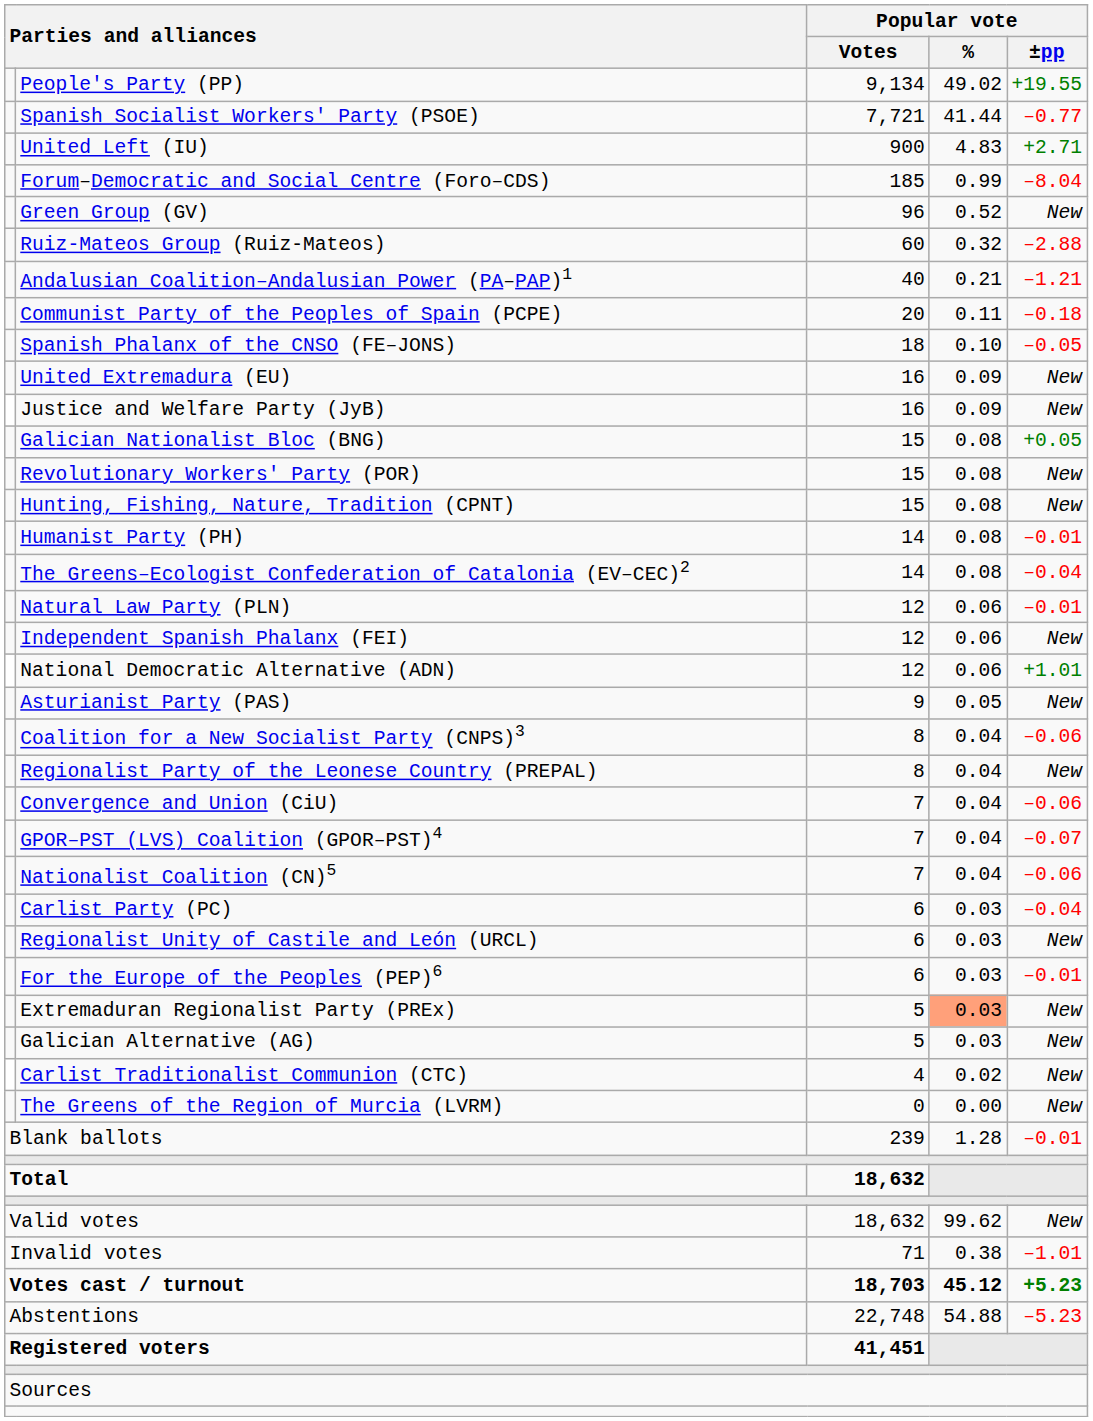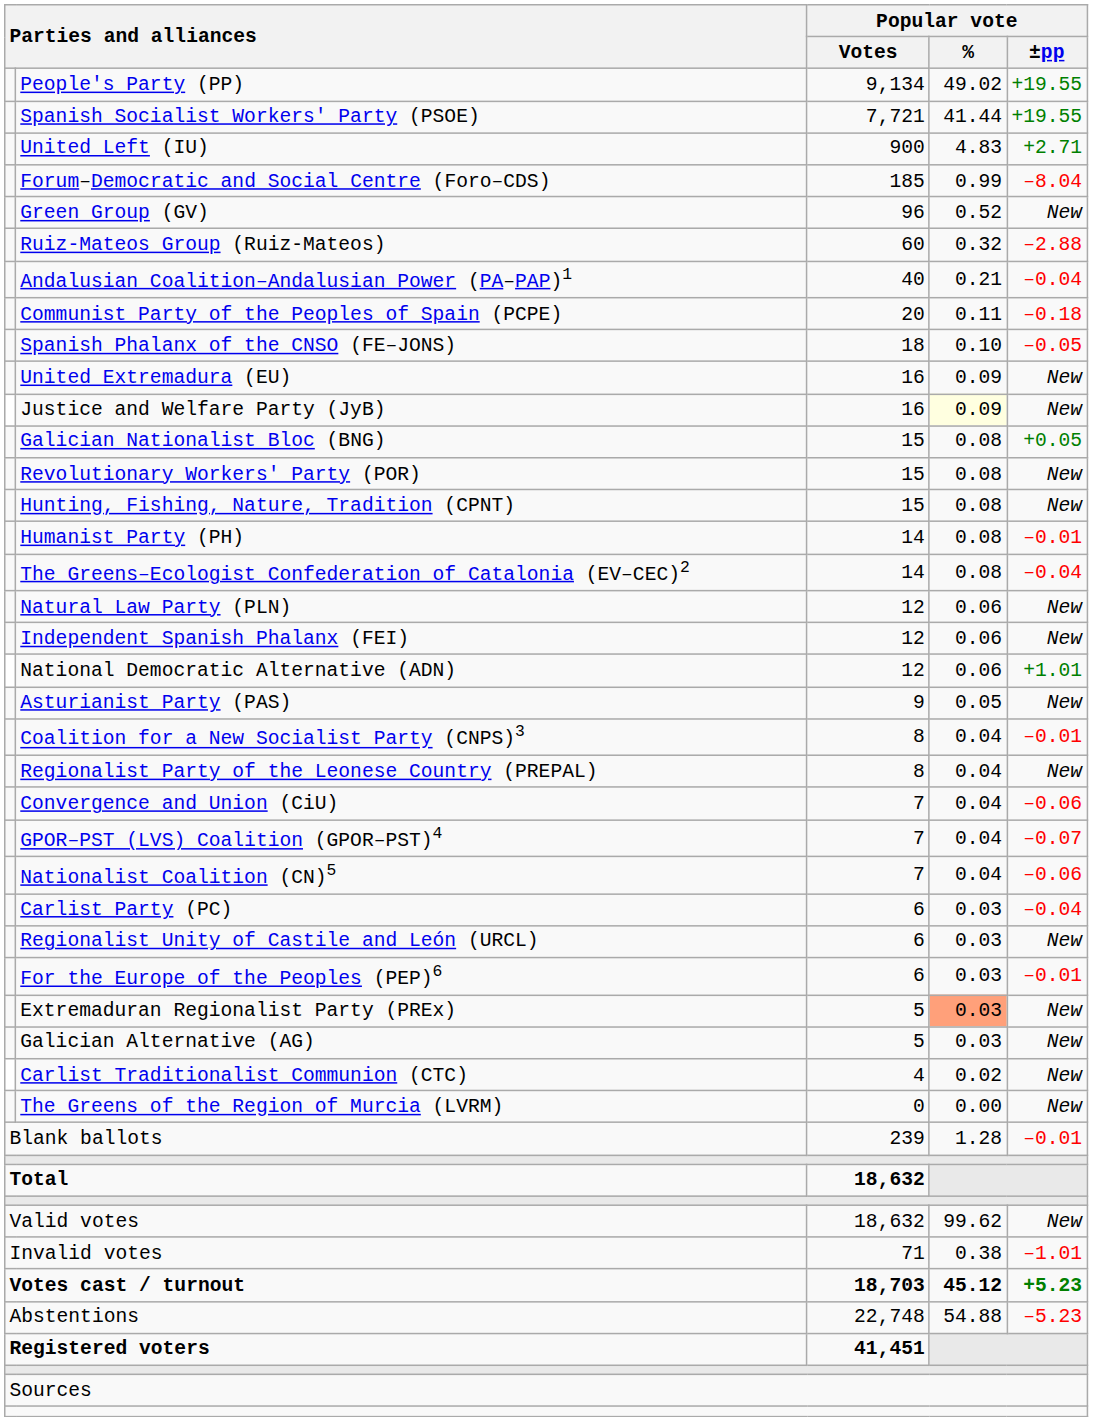 <table class="wikitable" style="text-align:right">
 <tr>
 <th style="text-align:left;" rowspan="2" colspan="2" width="525">Parties and alliances</th>
 <th colspan="3">Popular vote</th>
 </tr>
 <tr>
 <th width="75">Votes</th>
 <th width="45">%</th>
 <th width="45">±<a href='#'>pp</a></th>
 </tr>
 <tr>
 <td width="1" style="color:inherit;background:"></td>
 <td align="left"><a href='#'>People's Party</a> (PP)</td>
 <td>9,134</td>
 <td>49.02</td>
 <td style="color:green;">+19.55</td>
 </tr>
 <tr>
 <td style="color:inherit;background:"></td>
 <td align="left"><a href='#'>Spanish Socialist Workers' Party</a> (PSOE)</td>
 <td>7,721</td>
 <td>41.44</td>
-<td style="color:red;">–0.77</td>
+<td style="color:green;">+19.55</td>
 </tr>
 <tr>
 <td style="color:inherit;background:"></td>
 <td align="left"><a href='#'>United Left</a> (IU)</td>
 <td>900</td>
 <td>4.83</td>
 <td style="color:green;">+2.71</td>
 </tr>
 <tr>
 <td style="color:inherit;background:"></td>
 <td align="left"><a href='#'>Forum</a>–<a href='#'>Democratic and Social Centre</a> (Foro–CDS)</td>
 <td>185</td>
 <td>0.99</td>
 <td style="color:red;">–8.04</td>
 </tr>
 <tr>
 <td style="color:inherit;background:"></td>
 <td align="left"><a href='#'>Green Group</a> (GV)</td>
 <td>96</td>
 <td>0.52</td>
 <td><em>New</em></td>
 </tr>
 <tr>
 <td style="color:inherit;background:"></td>
 <td align="left"><a href='#'>Ruiz-Mateos Group</a> (Ruiz-Mateos)</td>
 <td>60</td>
 <td>0.32</td>
 <td style="color:red;">–2.88</td>
 </tr>
 <tr>
 <td style="color:inherit;background:"></td>
 <td align="left"><a href='#'>Andalusian Coalition–Andalusian Power</a> (<a href='#'>PA</a>–<a href='#'>PAP</a>)<sup>1</sup></td>
 <td>40</td>
 <td>0.21</td>
-<td style="color:red;">–1.21</td>
+<td style="color:red;">–0.04</td>
 </tr>
 <tr>
 <td style="color:inherit;background:"></td>
 <td align="left"><a href='#'>Communist Party of the Peoples of Spain</a> (PCPE)</td>
 <td>20</td>
 <td>0.11</td>
 <td style="color:red;">–0.18</td>
 </tr>
 <tr>
 <td style="color:inherit;background:"></td>
 <td align="left"><a href='#'>Spanish Phalanx of the CNSO</a> (FE–JONS)</td>
 <td>18</td>
 <td>0.10</td>
 <td style="color:red;">–0.05</td>
 </tr>
 <tr>
 <td style="color:inherit;background:"></td>
 <td align="left"><a href='#'>United Extremadura</a> (EU)</td>
 <td>16</td>
 <td>0.09</td>
 <td><em>New</em></td>
 </tr>
 <tr>
 <td bgcolor="white"></td>
 <td align="left">Justice and Welfare Party (JyB)</td>
 <td>16</td>
-<td>0.09</td>
+<td style="background: lightyellow;">0.09</td>
 <td><em>New</em></td>
 </tr>
 <tr>
 <td style="color:inherit;background:"></td>
 <td align="left"><a href='#'>Galician Nationalist Bloc</a> (BNG)</td>
 <td>15</td>
 <td>0.08</td>
 <td style="color:green;">+0.05</td>
 </tr>
 <tr>
 <td style="color:inherit;background:"></td>
 <td align="left"><a href='#'>Revolutionary Workers' Party</a> (POR)</td>
 <td>15</td>
 <td>0.08</td>
 <td><em>New</em></td>
 </tr>
 <tr>
 <td style="color:inherit;background:"></td>
 <td align="left"><a href='#'>Hunting, Fishing, Nature, Tradition</a> (CPNT)</td>
 <td>15</td>
 <td>0.08</td>
 <td><em>New</em></td>
 </tr>
 <tr>
 <td style="color:inherit;background:"></td>
 <td align="left"><a href='#'>Humanist Party</a> (PH)</td>
 <td>14</td>
 <td>0.08</td>
 <td style="color:red;">–0.01</td>
 </tr>
 <tr>
 <td style="color:inherit;background:"></td>
 <td align="left"><a href='#'>The Greens–Ecologist Confederation of Catalonia</a> (EV–CEC)<sup>2</sup></td>
 <td>14</td>
 <td>0.08</td>
 <td style="color:red;">–0.04</td>
 </tr>
 <tr>
 <td style="color:inherit;background:"></td>
 <td align="left"><a href='#'>Natural Law Party</a> (PLN)</td>
 <td>12</td>
 <td>0.06</td>
-<td style="color:red;">–0.01</td>
+<td><em>New</em></td>
 </tr>
 <tr>
 <td style="color:inherit;background:"></td>
 <td align="left"><a href='#'>Independent Spanish Phalanx</a> (FEI)</td>
 <td>12</td>
 <td>0.06</td>
 <td><em>New</em></td>
 </tr>
 <tr>
 <td bgcolor="white"></td>
 <td align="left">National Democratic Alternative (ADN)</td>
 <td>12</td>
 <td>0.06</td>
 <td style="color:green;">+1.01</td>
 </tr>
 <tr>
 <td style="color:inherit;background:"></td>
 <td align="left"><a href='#'>Asturianist Party</a> (PAS)</td>
 <td>9</td>
 <td>0.05</td>
 <td><em>New</em></td>
 </tr>
 <tr>
 <td style="color:inherit;background:"></td>
 <td align="left"><a href='#'>Coalition for a New Socialist Party</a> (CNPS)<sup>3</sup></td>
 <td>8</td>
 <td>0.04</td>
-<td style="color:red;">–0.06</td>
+<td style="color:red;">–0.01</td>
 </tr>
 <tr>
 <td style="color:inherit;background:"></td>
 <td align="left"><a href='#'>Regionalist Party of the Leonese Country</a> (PREPAL)</td>
 <td>8</td>
 <td>0.04</td>
 <td><em>New</em></td>
 </tr>
 <tr>
 <td style="color:inherit;background:"></td>
 <td align="left"><a href='#'>Convergence and Union</a> (CiU)</td>
 <td>7</td>
 <td>0.04</td>
 <td style="color:red;">–0.06</td>
 </tr>
 <tr>
 <td style="color:inherit;background:"></td>
 <td align="left"><a href='#'>GPOR–PST (LVS) Coalition</a> (GPOR–PST)<sup>4</sup></td>
 <td>7</td>
 <td>0.04</td>
 <td style="color:red;">–0.07</td>
 </tr>
 <tr>
 <td style="color:inherit;background:"></td>
 <td align="left"><a href='#'>Nationalist Coalition</a> (CN)<sup>5</sup></td>
 <td>7</td>
 <td>0.04</td>
 <td style="color:red;">–0.06</td>
 </tr>
 <tr>
 <td style="color:inherit;background:"></td>
 <td align="left"><a href='#'>Carlist Party</a> (PC)</td>
 <td>6</td>
 <td>0.03</td>
 <td style="color:red;">–0.04</td>
 </tr>
 <tr>
 <td style="color:inherit;background:"></td>
 <td align="left"><a href='#'>Regionalist Unity of Castile and León</a> (URCL)</td>
 <td>6</td>
 <td>0.03</td>
 <td><em>New</em></td>
 </tr>
 <tr>
 <td style="color:inherit;background:"></td>
 <td align="left"><a href='#'>For the Europe of the Peoples</a> (PEP)<sup>6</sup></td>
 <td>6</td>
 <td>0.03</td>
 <td style="color:red;">–0.01</td>
 </tr>
 <tr>
 <td style="color:inherit;background:"></td>
 <td align="left">Extremaduran Regionalist Party (PREx)</td>
 <td>5</td>
 <td style="background: lightsalmon;">0.03</td>
 <td><em>New</em></td>
 </tr>
 <tr>
 <td style="color:inherit;background:"></td>
 <td align="left">Galician Alternative (AG)</td>
 <td>5</td>
 <td>0.03</td>
 <td><em>New</em></td>
 </tr>
 <tr>
 <td bgcolor="white"></td>
 <td align="left"><a href='#'>Carlist Traditionalist Communion</a> (CTC)</td>
 <td>4</td>
 <td>0.02</td>
 <td><em>New</em></td>
 </tr>
 <tr>
 <td style="color:inherit;background:"></td>
 <td align="left"><a href='#'>The Greens of the Region of Murcia</a> (LVRM)</td>
 <td>0</td>
 <td>0.00</td>
 <td><em>New</em></td>
 </tr>
 <tr>
 <td align="left" colspan="2">Blank ballots</td>
 <td>239</td>
 <td>1.28</td>
 <td style="color:red;">–0.01</td>
 </tr>
 <tr>
 <td colspan="5" bgcolor="#E9E9E9"></td>
 </tr>
 <tr style="font-weight:bold;">
 <td align="left" colspan="2">Total</td>
 <td>18,632</td>
 <td bgcolor="#E9E9E9" colspan="2"></td>
 </tr>
 <tr>
 <td colspan="5" bgcolor="#E9E9E9"></td>
 </tr>
 <tr>
 <td align="left" colspan="2">Valid votes</td>
 <td>18,632</td>
 <td>99.62</td>
 <td><em>New</em></td>
 </tr>
 <tr>
 <td align="left" colspan="2">Invalid votes</td>
 <td>71</td>
 <td>0.38</td>
 <td style="color:red;">–1.01</td>
 </tr>
 <tr style="font-weight:bold;">
 <td align="left" colspan="2">Votes cast / turnout</td>
 <td>18,703</td>
 <td>45.12</td>
 <td style="color:green;">+5.23</td>
 </tr>
 <tr>
 <td align="left" colspan="2">Abstentions</td>
 <td>22,748</td>
 <td>54.88</td>
 <td style="color:red;">–5.23</td>
 </tr>
 <tr style="font-weight:bold;">
 <td align="left" colspan="2">Registered voters</td>
 <td>41,451</td>
 <td bgcolor="#E9E9E9" colspan="2"></td>
 </tr>
 <tr>
 <td colspan="5" bgcolor="#E9E9E9"></td>
 </tr>
 <tr>
 <td align="left" colspan="5">Sources</td>
 </tr>
 <tr>
 <td colspan="5" style="text-align:left; max-width:680px;"></td>
 </tr>
 </table>
